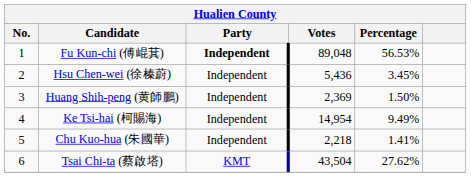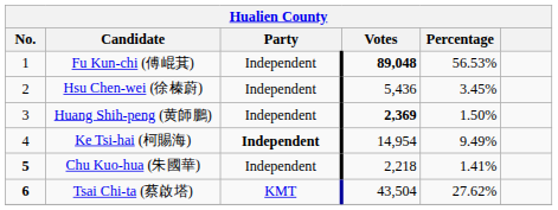 <table class="wikitable collapsible" style="text-align:center">
 <tr>
 <th colspan="7" width=620px><a href='#'>Hualien County</a></th>
 </tr>
 <tr>
 <th width=35>No.</th>
 <th width=180>Candidate</th>
 <th width=120>Party</th>
 <th width=75>Votes</th>
 <th width=75>Percentage</th>
 <th width=49></th>
 </tr>
 <tr>
 <td>1</td>
 <td><a href='#'>Fu Kun-chi</a> (傅崐萁)</td>
-<td><strong>Independent</strong></td>
-<td style="border-left:4px solid #000000;" align="right">89,048</td>
+<td>Independent</td>
+<td style="border-left:4px solid #000000;" align="right"><strong>89,048</strong></td>
 <td align="right">56.53%</td>
 <td align="center"></td>
 </tr>
 <tr>
 <td>2</td>
 <td><a href='#'>Hsu Chen-wei</a> (徐榛蔚)</td>
 <td>Independent</td>
 <td style="border-left:4px solid #000000;" align="right">5,436</td>
 <td align="right">3.45%</td>
 <td align="center"></td>
 </tr>
 <tr>
 <td>3</td>
 <td><a href='#'>Huang Shih-peng</a> (黄師鵬)</td>
 <td>Independent</td>
-<td style="border-left:4px solid #000000;" align="right">2,369</td>
+<td style="border-left:4px solid #000000;" align="right"><strong>2,369</strong></td>
 <td align="right">1.50%</td>
 <td align="center"></td>
 </tr>
 <tr>
 <td>4</td>
 <td><a href='#'>Ke Tsi-hai</a> (柯賜海)</td>
-<td>Independent</td>
+<td><strong>Independent</strong></td>
 <td style="border-left:4px solid #000000;" align="right">14,954</td>
 <td align="right">9.49%</td>
 <td align="center"></td>
 </tr>
 <tr>
-<td>5</td>
+<td><strong>5</strong></td>
 <td><a href='#'>Chu Kuo-hua</a> (朱國華)</td>
 <td>Independent</td>
 <td style="border-left:4px solid #000000;" align="right">2,218</td>
 <td align="right">1.41%</td>
 <td align="center"></td>
 </tr>
 <tr>
-<td>6</td>
+<td><strong>6</strong></td>
 <td><a href='#'>Tsai Chi-ta</a> (蔡啟塔)</td>
 <td><a href='#'>KMT</a></td>
 <td style="border-left:4px solid #000099;" align="right">43,504</td>
 <td align="right">27.62%</td>
 <td align="center"></td>
 </tr>
 <tr bgcolor=EEEEEE>
 </tr>
 </table>
